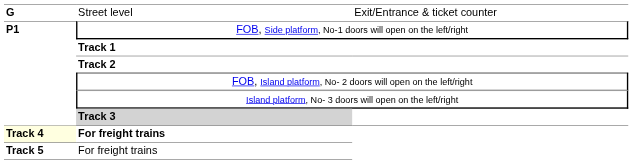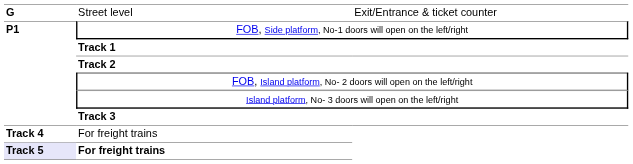 <table border=0 cellspacing=0 cellpadding=3>
 <tr>
 <td style="border-top:solid 1px gray;" width=50 valign=top><strong>G</strong></td>
 <td style="border-top:solid 1px gray;" width=100 valign=top>Street level</td>
 <td style="border-top:solid 1px gray;" width=400 valign=top>Exit/Entrance & ticket counter</td>
 </tr>
 <tr>
 <td style="border-top:solid 1px gray;border-bottom:solid 1px gray;" width=50 rowspan=6 valign=top><strong>P1</strong></td>
 <td style="border-top:solid 1px gray;border-right:solid 2px black;border-left:solid 2px black;border-bottom:solid 2px black;text-align:center;" colspan=2><a href='#'>FOB</a>, <small><a href='#'>Side platform</a>, No-1 doors will open on the left/right</small></td>
 </tr>
 <tr>
 <td style="border-bottom:solid 1px gray;" width=100><strong>Track 1</strong></td>
 <td style="border-bottom:solid 1px gray;" width=400></td>
 </tr>
 <tr>
 <td><strong>Track 2</strong></td>
 <td></td>
 </tr>
 <tr>
 <td style="border-top:solid 1px black;border-right:solid 2px black;border-left:solid 2px black;border-bottom:solid 1px gray;text-align:center;" colspan=2><a href='#'>FOB</a>, <small><a href='#'>Island platform</a>, No- 2 doors will open on the left/right </small></td>
 </tr>
 <tr>
 <td style="border-top:solid 1px gray;border-right:solid 2px black;border-left:solid 2px black;border-bottom:solid 2px black;text-align:center;" colspan=2><small><a href='#'>Island platform</a>, No- 3 doors will open on the left/right</small></td>
 </tr>
 <tr>
-<td style="background: lightgrey; border-bottom:solid 1px gray;" width=100><strong>Track 3</strong></td>
+<td style="border-bottom:solid 1px gray;" width=100><strong>Track 3</strong></td>
 <td style="border-bottom:solid 1px gray;" width=400></td>
 </tr>
 <tr>
-<td style="background: lightyellow; border-bottom:solid 1px gray;" width=100><strong>Track 4</strong></td>
+<td style="border-bottom:solid 1px gray;" width=100><strong>Track 4</strong></td>
+<td style="border-bottom:solid 1px gray;" width=400>For freight trains</td>
+</tr>
+<tr>
+<td style="background: lavender; border-bottom:solid 1px gray;" width=100><strong>Track 5</strong></td>
 <td style="border-bottom:solid 1px gray;" width=400><strong>For freight trains</strong></td>
 </tr>
-<tr>
-<td style="border-bottom:solid 1px gray;" width=100><strong>Track 5</strong></td>
-<td style="border-bottom:solid 1px gray;" width=400>For freight trains</td>
-</tr>
 </table>
